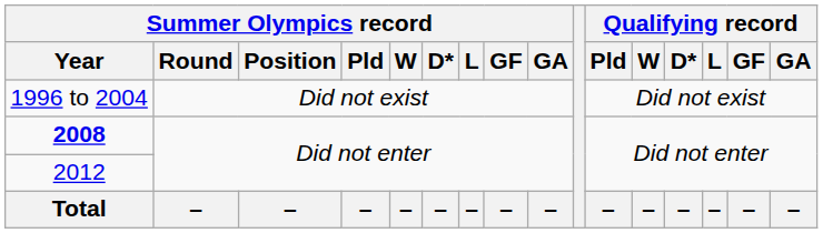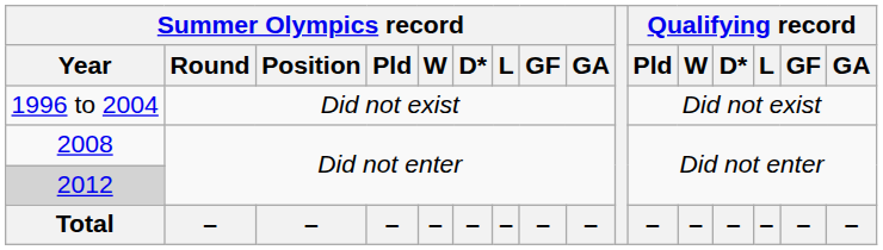 <table class="wikitable" style="text-align: center;">
 <tr>
 <th colspan=9><a href='#'>Summer Olympics</a> record</th>
 <th rowspan=6></th>
 <th colspan=6><a href='#'>Qualifying</a> record</th>
 </tr>
 <tr>
 <th>Year</th>
 <th>Round</th>
 <th>Position</th>
 <th>Pld</th>
 <th>W</th>
 <th>D*</th>
 <th>L</th>
 <th>GF</th>
 <th>GA</th>
 <th>Pld</th>
 <th>W</th>
 <th>D*</th>
 <th>L</th>
 <th>GF</th>
 <th>GA</th>
 </tr>
 <tr>
 <td> <a href='#'>1996</a> to  <a href='#'>2004</a></td>
 <td colspan=8><em>Did not exist</em></td>
 <td colspan=6><em>Did not exist</em></td>
 </tr>
 <tr>
-<td><strong> <a href='#'>2008</a></strong></td>
+<td> <a href='#'>2008</a></td>
 <td colspan=8 rowspan=2><em>Did not enter</em></td>
 <td colspan=6 rowspan=2><em>Did not enter</em></td>
 </tr>
 <tr>
-<td> <a href='#'>2012</a></td>
+<td style="background: lightgrey;"> <a href='#'>2012</a></td>
 </tr>
 <tr>
 <th>Total</th>
 <th>–</th>
 <th>–</th>
 <th>–</th>
 <th>–</th>
 <th>–</th>
 <th>–</th>
 <th>–</th>
 <th>–</th>
 <th>–</th>
 <th>–</th>
 <th>–</th>
 <th>–</th>
 <th>–</th>
 <th>–</th>
 </tr>
 </table>
